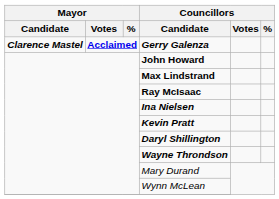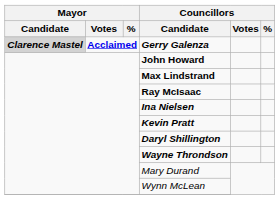 <table class="wikitable collapsible collapsed" align="right">
 <tr>
 <th colspan=3>Mayor</th>
 <th colspan=3>Councillors</th>
 </tr>
 <tr>
 <th>Candidate</th>
 <th>Votes</th>
 <th>%</th>
 <th>Candidate</th>
 <th>Votes</th>
 <th>%</th>
 </tr>
 <tr>
-<td><strong><em>Clarence Mastel</em></strong></td>
+<td style="background: lightgrey;"><strong><em>Clarence Mastel</em></strong></td>
 <td colspan=2><strong><a href='#'>Acclaimed</a></strong></td>
 <td><strong><em>Gerry Galenza</em></strong></td>
 <td></td>
 <td></td>
 </tr>
 <tr>
 <td rowspan=9 colspan=3></td>
 <td><strong>John Howard</strong></td>
 <td></td>
 <td></td>
 </tr>
 <tr>
 <td><strong>Max Lindstrand</strong></td>
 <td></td>
 <td></td>
 </tr>
 <tr>
 <td><strong>Ray McIsaac</strong></td>
 <td></td>
 <td></td>
 </tr>
 <tr>
 <td><strong><em>Ina Nielsen</em></strong></td>
 <td></td>
 <td></td>
 </tr>
 <tr>
 <td><strong><em>Kevin Pratt</em></strong></td>
 <td></td>
 <td></td>
 </tr>
 <tr>
 <td><strong><em>Daryl Shillington</em></strong></td>
 <td></td>
 <td></td>
 </tr>
 <tr>
 <td><strong><em>Wayne Throndson</em></strong></td>
 <td></td>
 <td></td>
 </tr>
 <tr>
 <td><em>Mary Durand</em></td>
 </tr>
 <tr>
 <td><em>Wynn McLean</em></td>
 </tr>
 <tr>
 </tr>
 </table>
